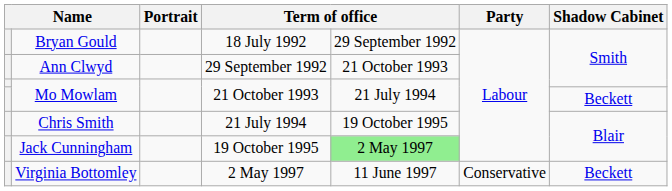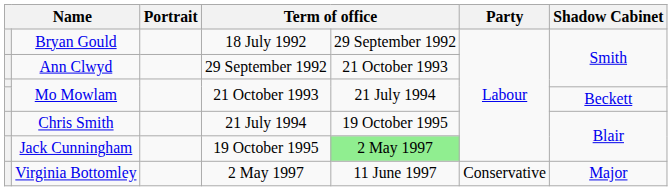 <table class="wikitable" style="text-align:center">
 <tr>
 <th colspan=2>Name</th>
 <th>Portrait</th>
 <th colspan="2">Term of office</th>
 <th>Party</th>
 <th>Shadow Cabinet</th>
 </tr>
 <tr>
 <th style="background-color: "></th>
 <td><a href='#'>Bryan Gould</a></td>
 <td></td>
 <td>18 July 1992</td>
 <td>29 September 1992</td>
 <td rowspan="6"><a href='#'>Labour</a></td>
 <td rowspan="3"><a href='#'>Smith</a></td>
 </tr>
 <tr>
 <th style="background-color: "></th>
 <td><a href='#'>Ann Clwyd</a></td>
 <td></td>
 <td>29 September 1992</td>
 <td>21 October 1993</td>
 </tr>
 <tr>
 <th style="background-color: "></th>
 <td rowspan="2"><a href='#'>Mo Mowlam</a></td>
 <td rowspan="2"></td>
 <td rowspan="2">21 October 1993</td>
 <td rowspan="2">21 July 1994</td>
 </tr>
 <tr>
 <th style="background-color: "></th>
 <td><a href='#'>Beckett</a></td>
 </tr>
 <tr>
 <th style="background-color: "></th>
 <td><a href='#'>Chris Smith</a></td>
 <td></td>
 <td>21 July 1994</td>
 <td>19 October 1995</td>
 <td rowspan="2"><a href='#'>Blair</a></td>
 </tr>
 <tr>
 <th style="background-color: "></th>
 <td><a href='#'>Jack Cunningham</a></td>
 <td></td>
 <td>19 October 1995</td>
 <td style="background: lightgreen;">2 May 1997</td>
 </tr>
 <tr>
 <th style="background-color: "></th>
 <td><a href='#'>Virginia Bottomley</a></td>
 <td></td>
 <td>2 May 1997</td>
 <td>11 June 1997</td>
 <td>Conservative</td>
-<td><a href='#'>Beckett</a></td>
+<td><a href='#'>Major</a></td>
 </tr>
 </table>
